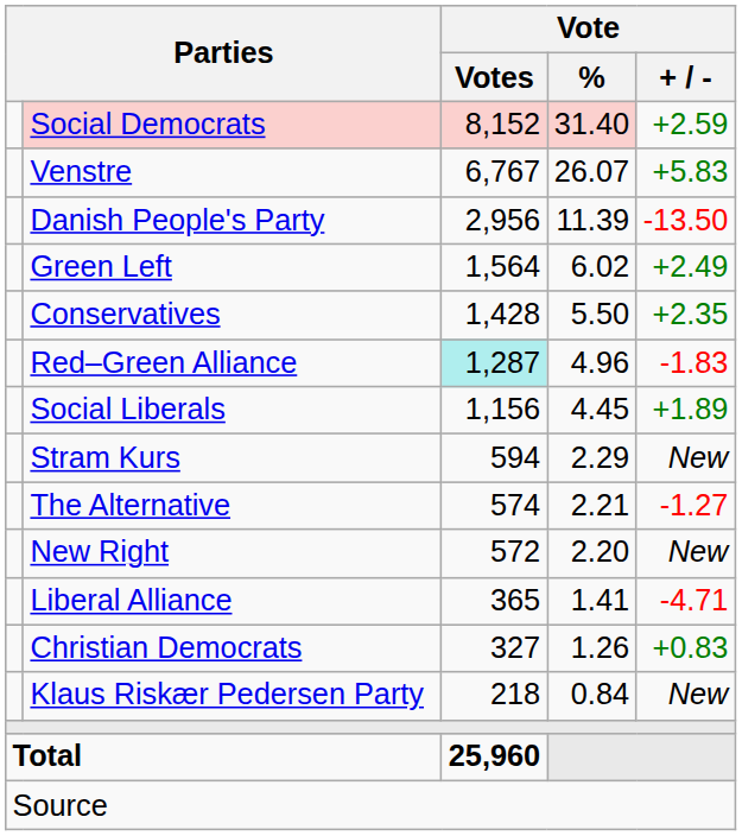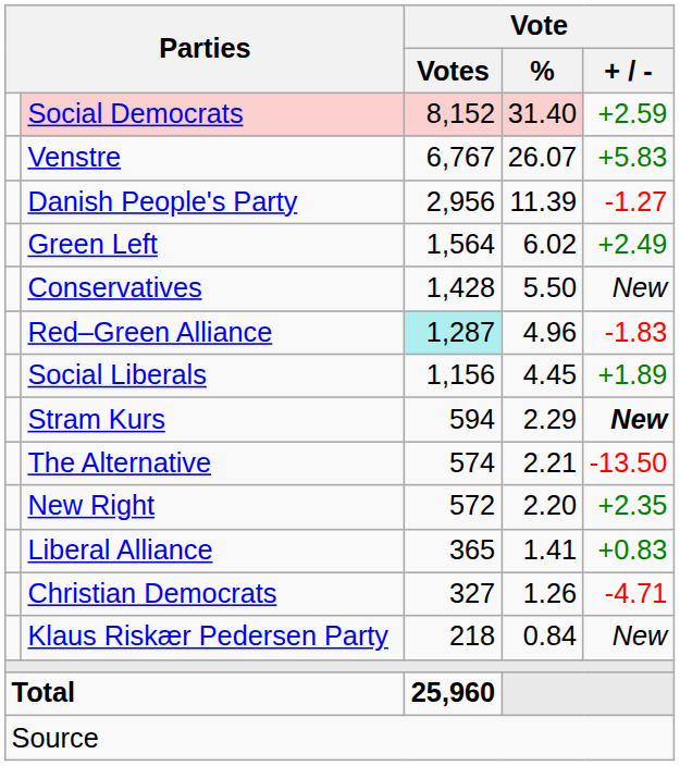 <table class="wikitable" style="text-align:right;">
 <tr>
 <th style="text-align:centre;" rowspan="2" colspan="2" width="225">Parties</th>
 <th colspan="3">Vote</th>
 </tr>
 <tr>
 <th width="15">Votes</th>
 <th width="15">%</th>
 <th width="15">+ / -</th>
 </tr>
 <tr>
 <td width="2" style="color:inherit;background:"></td>
 <td bgcolor=#fbd0ce  align="left"><a href='#'>Social Democrats</a></td>
 <td bgcolor=#fbd0ce>8,152</td>
 <td bgcolor=#fbd0ce>31.40</td>
 <td style=color:green;>+2.59</td>
 </tr>
 <tr>
 <td width="2" style="color:inherit;background:"></td>
 <td align="left"><a href='#'>Venstre</a></td>
 <td>6,767</td>
 <td>26.07</td>
 <td style=color:green;>+5.83</td>
 </tr>
 <tr>
 <td width="2" style="color:inherit;background:"></td>
 <td align="left"><a href='#'>Danish People's Party</a></td>
 <td>2,956</td>
 <td>11.39</td>
-<td style=color:red;>-13.50</td>
+<td style=color:red;>-1.27</td>
 </tr>
 <tr>
 <td width="2" style="color:inherit;background:"></td>
 <td align="left"><a href='#'>Green Left</a></td>
 <td>1,564</td>
 <td>6.02</td>
 <td style=color:green;>+2.49</td>
 </tr>
 <tr>
 <td width="2" style="color:inherit;background:"></td>
 <td align="left"><a href='#'>Conservatives</a></td>
 <td>1,428</td>
 <td>5.50</td>
-<td style=color:green;>+2.35</td>
+<td><em>New</em></td>
 </tr>
 <tr>
 <td width="2" style="color:inherit;background:"></td>
 <td align="left"><a href='#'>Red–Green Alliance</a></td>
 <td style="background: paleturquoise;">1,287</td>
 <td>4.96</td>
 <td style=color:red;>-1.83</td>
 </tr>
 <tr>
 <td width="2" style="color:inherit;background:"></td>
 <td align="left"><a href='#'>Social Liberals</a></td>
 <td>1,156</td>
 <td>4.45</td>
 <td style=color:green;>+1.89</td>
 </tr>
 <tr>
 <td width="2" style="color:inherit;background:"></td>
 <td align="left"><a href='#'>Stram Kurs</a></td>
 <td>594</td>
 <td>2.29</td>
-<td><em>New</em></td>
+<td><strong><em>New</em></strong></td>
 </tr>
 <tr>
 <td width="2" style="color:inherit;background:"></td>
 <td align="left"><a href='#'>The Alternative</a></td>
 <td>574</td>
 <td>2.21</td>
-<td style=color:red;>-1.27</td>
+<td style=color:red;>-13.50</td>
 </tr>
 <tr>
 <td width="2" style="color:inherit;background:"></td>
 <td align="left"><a href='#'>New Right</a></td>
 <td>572</td>
 <td>2.20</td>
-<td><em>New</em></td>
+<td style=color:green;>+2.35</td>
 </tr>
 <tr>
 <td width="2" style="color:inherit;background:"></td>
 <td align="left"><a href='#'>Liberal Alliance</a></td>
 <td>365</td>
 <td>1.41</td>
-<td style=color:red;>-4.71</td>
+<td style=color:green;>+0.83</td>
 </tr>
 <tr>
 <td width="2" style="color:inherit;background:"></td>
 <td align="left"><a href='#'>Christian Democrats</a></td>
 <td>327</td>
 <td>1.26</td>
-<td style=color:green;>+0.83</td>
+<td style=color:red;>-4.71</td>
 </tr>
 <tr>
 <td width="2" style="color:inherit;background:"></td>
 <td align="left"><a href='#'>Klaus Riskær Pedersen Party</a></td>
 <td>218</td>
 <td>0.84</td>
 <td><em>New</em></td>
 </tr>
 <tr>
 <td colspan="7" bgcolor="#E9E9E9"></td>
 </tr>
 <tr>
 <td align="left" colspan="2"><strong>Total</strong></td>
 <td><strong>25,960</strong></td>
 <td bgcolor="#E9E9E9" colspan="2"></td>
 </tr>
 <tr>
 <td align="left" colspan="6">Source</td>
 </tr>
 </table>
